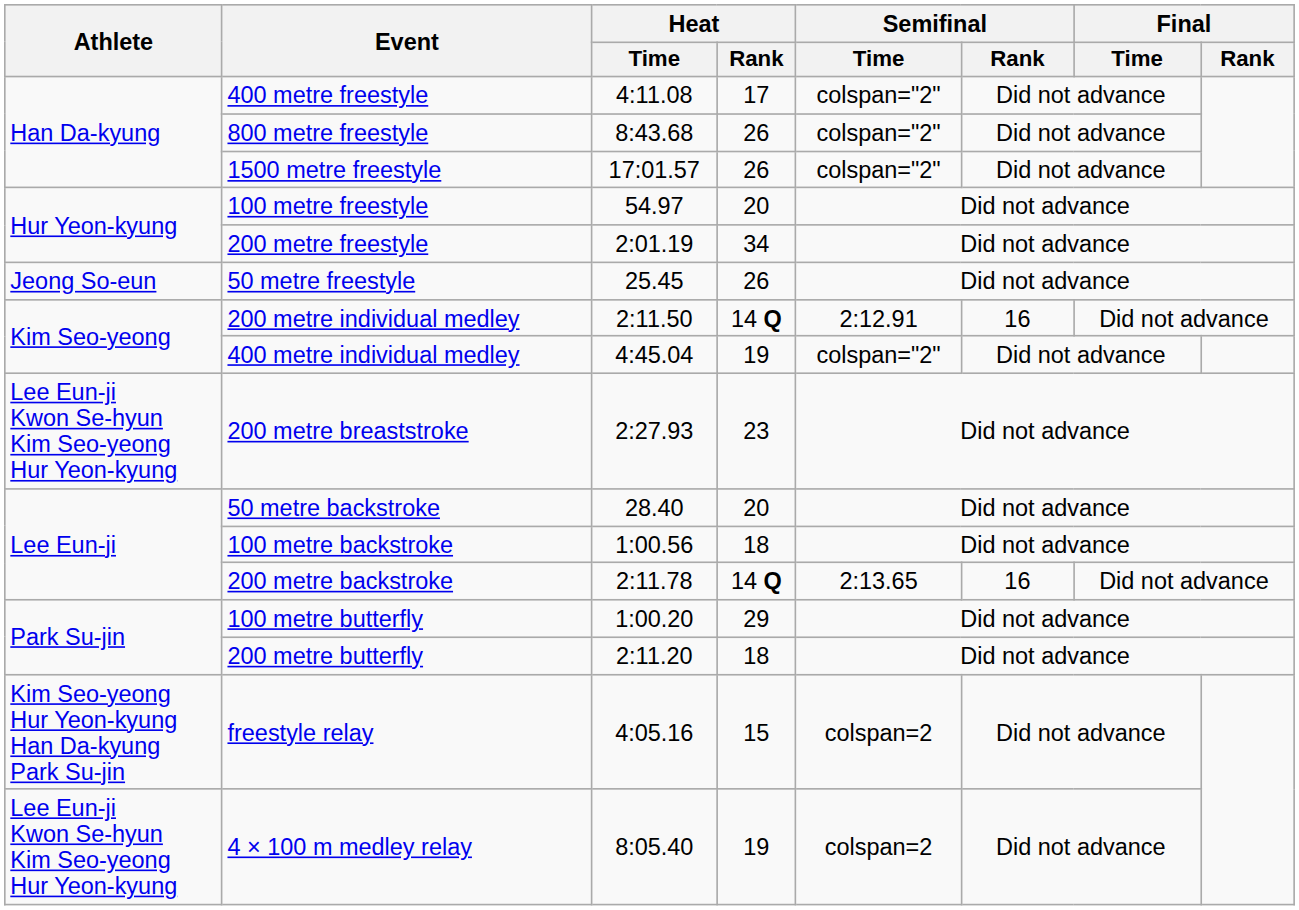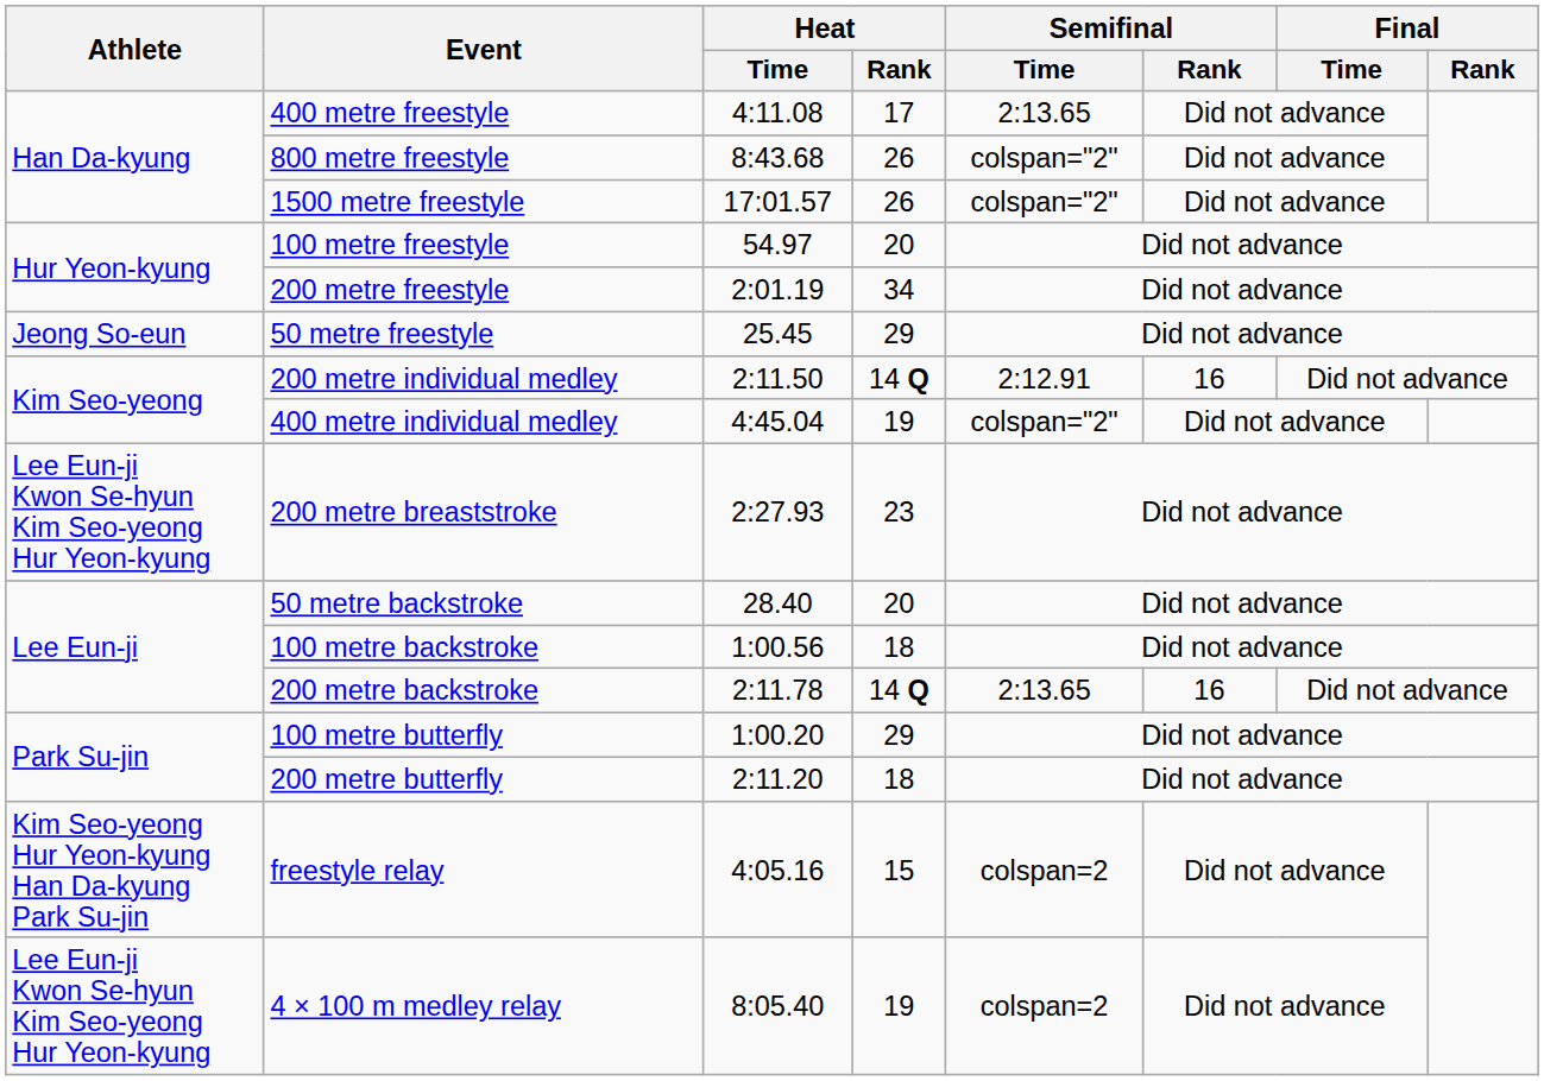 <table class="wikitable" style="text-align:center; font-size:90%; width:50%;">
 <tr>
 <th rowspan="2">Athlete</th>
 <th rowspan="2">Event</th>
 <th colspan="2">Heat</th>
 <th colspan="2">Semifinal</th>
 <th colspan="2">Final</th>
 </tr>
 <tr style="font-size:95%">
 <th>Time</th>
 <th>Rank</th>
 <th>Time</th>
 <th>Rank</th>
 <th>Time</th>
 <th>Rank</th>
 </tr>
 <tr align=center>
 <td align=left rowspan=3><a href='#'>Han Da-kyung</a></td>
 <td align=left><a href='#'>400 metre freestyle</a></td>
 <td>4:11.08</td>
 <td>17</td>
-<td>colspan="2" </td>
+<td>2:13.65</td>
 <td colspan="2">Did not advance</td>
 </tr>
 <tr align=center>
 <td align=left><a href='#'>800 metre freestyle</a></td>
 <td>8:43.68</td>
 <td>26</td>
 <td>colspan="2" </td>
 <td colspan="2">Did not advance</td>
 </tr>
 <tr align=center>
 <td align=left><a href='#'>1500 metre freestyle</a></td>
 <td>17:01.57</td>
 <td>26</td>
 <td>colspan="2" </td>
 <td colspan="2">Did not advance</td>
 </tr>
 <tr>
 <td align=left rowspan=2><a href='#'>Hur Yeon-kyung</a></td>
 <td align=left><a href='#'>100 metre freestyle</a></td>
 <td>54.97</td>
 <td>20</td>
 <td colspan=4>Did not advance</td>
 </tr>
 <tr>
 <td align=left><a href='#'>200 metre freestyle</a></td>
 <td>2:01.19</td>
 <td>34</td>
 <td colspan=4>Did not advance</td>
 </tr>
 <tr>
 <td align=left><a href='#'>Jeong So-eun</a></td>
 <td align=left><a href='#'>50 metre freestyle</a></td>
 <td>25.45</td>
-<td>26</td>
+<td>29</td>
 <td colspan=4>Did not advance</td>
 </tr>
 <tr align=center>
 <td align=left rowspan=2><a href='#'>Kim Seo-yeong</a></td>
 <td align=left><a href='#'>200 metre individual medley</a></td>
 <td>2:11.50</td>
 <td>14 <strong>Q</strong></td>
 <td>2:12.91</td>
 <td>16</td>
 <td colspan=2>Did not advance</td>
 </tr>
 <tr align=center>
 <td align=left><a href='#'>400 metre individual medley</a></td>
 <td>4:45.04</td>
 <td>19</td>
 <td>colspan="2" </td>
 <td colspan=2>Did not advance</td>
 </tr>
 <tr align=center>
 <td align=left><a href='#'>Lee Eun-ji</a><br><a href='#'>Kwon Se-hyun</a> <br><a href='#'>Kim Seo-yeong</a> <br><a href='#'>Hur Yeon-kyung</a></td>
 <td align=left><a href='#'>200 metre breaststroke</a></td>
 <td>2:27.93</td>
 <td>23</td>
 <td colspan=4>Did not advance</td>
 </tr>
 <tr align=center>
 <td align=left rowspan=3><a href='#'>Lee Eun-ji</a></td>
 <td align=left><a href='#'>50 metre backstroke</a></td>
 <td>28.40</td>
 <td>20</td>
 <td colspan=4>Did not advance</td>
 </tr>
 <tr align=center>
 <td align=left><a href='#'>100 metre backstroke</a></td>
 <td>1:00.56</td>
 <td>18</td>
 <td colspan=4>Did not advance</td>
 </tr>
 <tr align=center>
 <td align=left><a href='#'>200 metre backstroke</a></td>
 <td>2:11.78</td>
 <td>14 <strong>Q</strong></td>
 <td>2:13.65</td>
 <td>16</td>
 <td colspan=2>Did not advance</td>
 </tr>
 <tr align=center>
 <td align=left rowspan=2><a href='#'>Park Su-jin</a></td>
 <td align=left><a href='#'>100 metre butterfly</a></td>
 <td>1:00.20</td>
 <td>29</td>
 <td colspan=4>Did not advance</td>
 </tr>
 <tr align=center>
 <td align=left><a href='#'>200 metre butterfly</a></td>
 <td>2:11.20</td>
 <td>18</td>
 <td colspan=4>Did not advance</td>
 </tr>
 <tr>
 <td align=left><a href='#'>Kim Seo-yeong</a> <br><a href='#'>Hur Yeon-kyung</a> <br><a href='#'>Han Da-kyung</a> <br><a href='#'>Park Su-jin</a></td>
 <td align=left><a href='#'> freestyle relay</a></td>
 <td>4:05.16</td>
 <td>15</td>
 <td>colspan=2 </td>
 <td colspan=2>Did not advance</td>
 </tr>
 <tr>
 <td align=left><a href='#'>Lee Eun-ji</a><br><a href='#'>Kwon Se-hyun</a> <br><a href='#'>Kim Seo-yeong</a> <br><a href='#'>Hur Yeon-kyung</a></td>
 <td align=left><a href='#'>4 × 100 m medley relay</a></td>
 <td>8:05.40</td>
 <td>19</td>
 <td>colspan=2 </td>
 <td colspan=2>Did not advance</td>
 </tr>
 </table>
